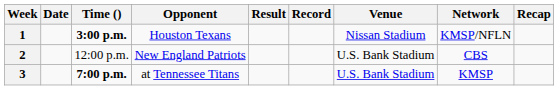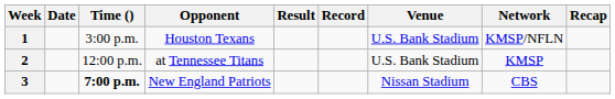 <table class="wikitable" style="text-align:center">
 <tr>
 <th>Week</th>
 <th>Date</th>
 <th>Time (<a href='#'></a>)</th>
 <th>Opponent</th>
 <th>Result</th>
 <th>Record</th>
 <th>Venue</th>
 <th>Network</th>
 <th>Recap</th>
 </tr>
 <tr>
 <th>1 </th>
 <td></td>
-<td><strong>3:00 p.m.</strong></td>
+<td>3:00 p.m.</td>
 <td><a href='#'>Houston Texans</a></td>
 <td></td>
 <td></td>
-<td><a href='#'>Nissan Stadium</a></td>
+<td><a href='#'>U.S. Bank Stadium</a></td>
 <td><a href='#'>KMSP</a>/NFLN</td>
 <td></td>
 </tr>
 <tr>
 <th>2 </th>
 <td></td>
 <td>12:00 p.m.</td>
-<td><a href='#'>New England Patriots</a></td>
+<td>at <a href='#'>Tennessee Titans</a></td>
 <td></td>
 <td></td>
 <td>U.S. Bank Stadium</td>
-<td><a href='#'>CBS</a></td>
+<td><a href='#'>KMSP</a></td>
 <td></td>
 </tr>
 <tr>
 <th>3 </th>
 <td></td>
 <td><strong>7:00 p.m.</strong></td>
-<td>at <a href='#'>Tennessee Titans</a></td>
+<td><a href='#'>New England Patriots</a></td>
 <td></td>
 <td></td>
-<td><a href='#'>U.S. Bank Stadium</a></td>
-<td><a href='#'>KMSP</a></td>
+<td><a href='#'>Nissan Stadium</a></td>
+<td><a href='#'>CBS</a></td>
 <td></td>
 </tr>
 </table>
